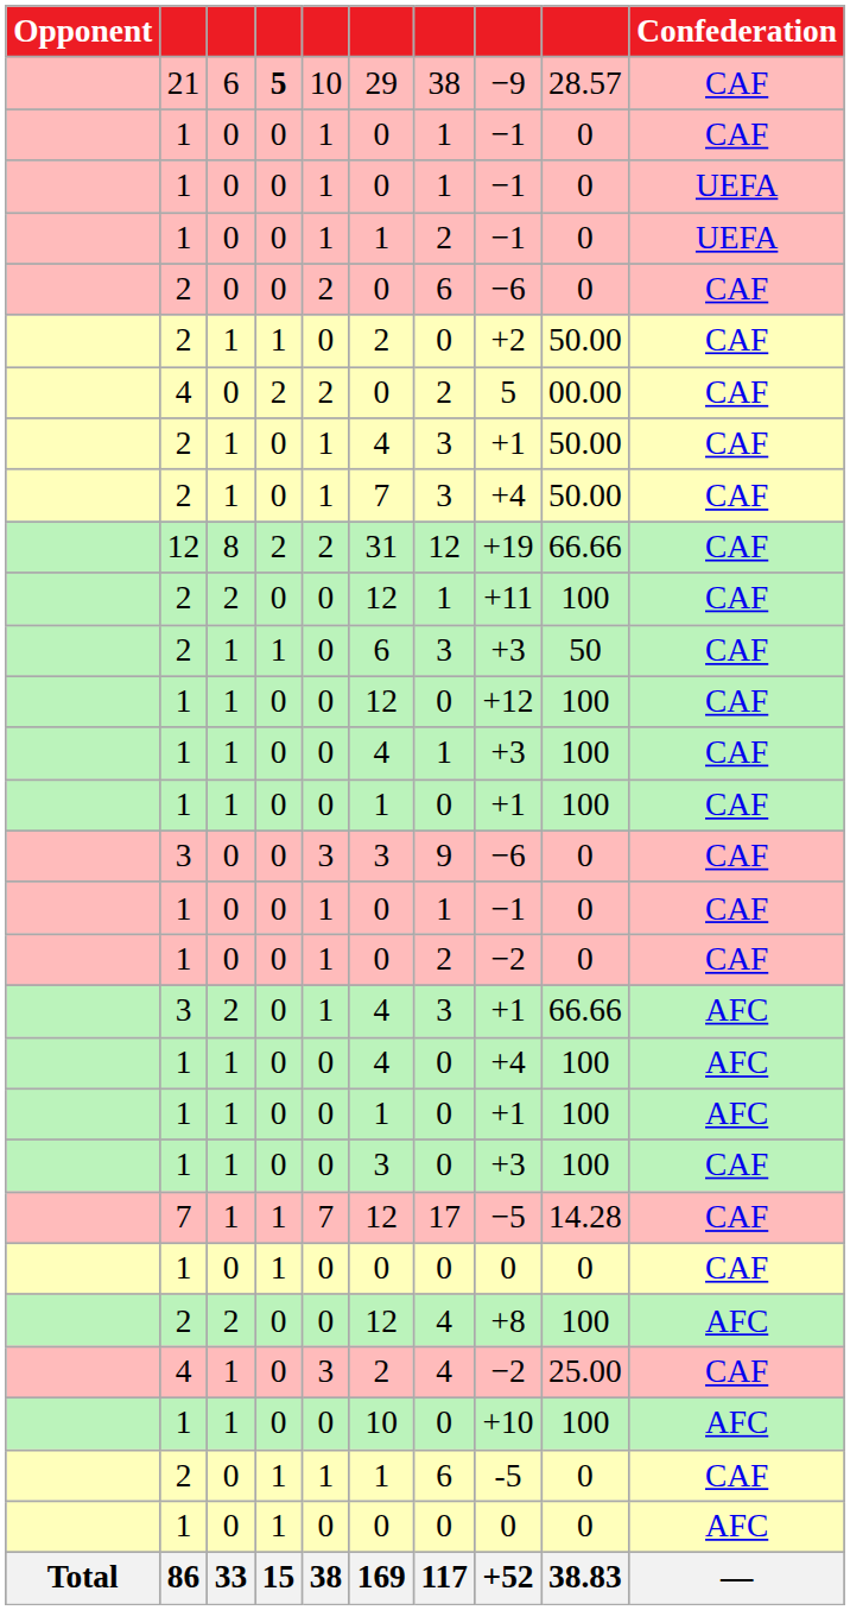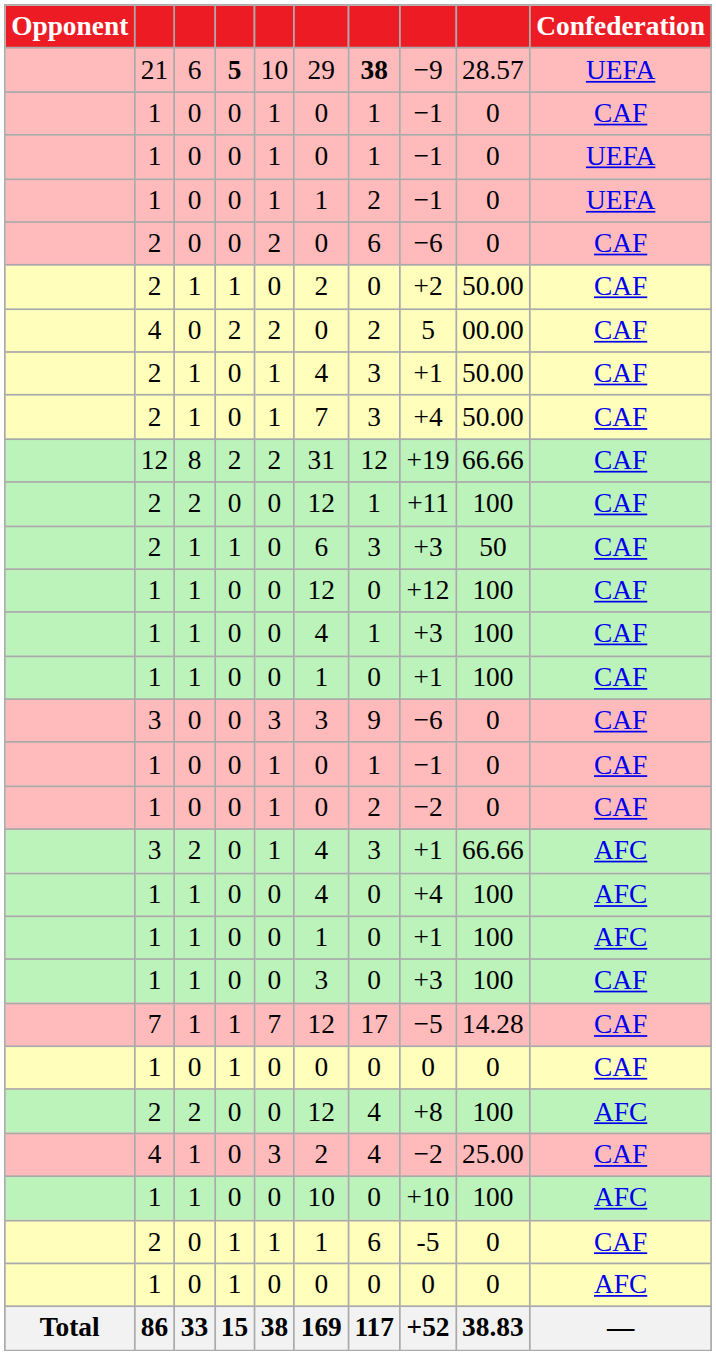 <table class="wikitable sortable" style="text-align:center;">
 <tr style="color:white">
 <th style="background-color:#ED1C24;color:white">Opponent</th>
 <th style="background-color:#ED1C24;"></th>
 <th style="background-color:#ED1C24;"></th>
 <th style="background-color:#ED1C24;"></th>
 <th style="background-color:#ED1C24;"></th>
 <th style="background-color:#ED1C24;"></th>
 <th style="background-color:#ED1C24;"></th>
 <th style="background-color:#ED1C24;"></th>
 <th style="background-color:#ED1C24;"></th>
 <th style="background-color:#ED1C24;color:white">Confederation</th>
 </tr>
 <tr bgcolor="#ffbbbb">
 <td style="text-align:left;"></td>
 <td>21</td>
 <td>6</td>
 <td><strong>5</strong></td>
 <td>10</td>
 <td>29</td>
-<td>38</td>
+<td><strong>38</strong></td>
 <td>−9</td>
 <td>28.57</td>
-<td><a href='#'>CAF</a></td>
+<td><a href='#'>UEFA</a></td>
 </tr>
 <tr bgcolor="#ffbbbb">
 <td style="text-align:left;"></td>
 <td>1</td>
 <td>0</td>
 <td>0</td>
 <td>1</td>
 <td>0</td>
 <td>1</td>
 <td>−1</td>
 <td>0</td>
 <td><a href='#'>CAF</a></td>
 </tr>
 <tr bgcolor="#ffbbbb">
 <td style="text-align:left;"></td>
 <td>1</td>
 <td>0</td>
 <td>0</td>
 <td>1</td>
 <td>0</td>
 <td>1</td>
 <td>−1</td>
 <td>0</td>
 <td><a href='#'>UEFA</a></td>
 </tr>
 <tr bgcolor="#ffbbbb">
 <td style="text-align:left;"></td>
 <td>1</td>
 <td>0</td>
 <td>0</td>
 <td>1</td>
 <td>1</td>
 <td>2</td>
 <td>−1</td>
 <td>0</td>
 <td><a href='#'>UEFA</a></td>
 </tr>
 <tr bgcolor="#ffbbbb">
 <td style="text-align:left;"></td>
 <td>2</td>
 <td>0</td>
 <td>0</td>
 <td>2</td>
 <td>0</td>
 <td>6</td>
 <td>−6</td>
 <td>0</td>
 <td><a href='#'>CAF</a></td>
 </tr>
 <tr bgcolor="#ffffbb">
 <td style="text-align:left;"></td>
 <td>2</td>
 <td>1</td>
 <td>1</td>
 <td>0</td>
 <td>2</td>
 <td>0</td>
 <td>+2</td>
 <td>50.00</td>
 <td><a href='#'>CAF</a></td>
 </tr>
 <tr bgcolor="#ffffbb">
 <td style="text-align:left;"></td>
 <td>4</td>
 <td>0</td>
 <td>2</td>
 <td>2</td>
 <td>0</td>
 <td>2</td>
 <td>5</td>
 <td>00.00</td>
 <td><a href='#'>CAF</a></td>
 </tr>
 <tr bgcolor="#ffffbb">
 <td style="text-align:left;"></td>
 <td>2</td>
 <td>1</td>
 <td>0</td>
 <td>1</td>
 <td>4</td>
 <td>3</td>
 <td>+1</td>
 <td>50.00</td>
 <td><a href='#'>CAF</a></td>
 </tr>
 <tr bgcolor="#ffffbb">
 <td style="text-align:left;"></td>
 <td>2</td>
 <td>1</td>
 <td>0</td>
 <td>1</td>
 <td>7</td>
 <td>3</td>
 <td>+4</td>
 <td>50.00</td>
 <td><a href='#'>CAF</a></td>
 </tr>
 <tr bgcolor="#bbf3bb">
 <td style="text-align:left;"></td>
 <td>12</td>
 <td>8</td>
 <td>2</td>
 <td>2</td>
 <td>31</td>
 <td>12</td>
 <td>+19</td>
 <td>66.66</td>
 <td><a href='#'>CAF</a></td>
 </tr>
 <tr bgcolor="#bbf3bb">
 <td style="text-align:left;"></td>
 <td>2</td>
 <td>2</td>
 <td>0</td>
 <td>0</td>
 <td>12</td>
 <td>1</td>
 <td>+11</td>
 <td>100</td>
 <td><a href='#'>CAF</a></td>
 </tr>
 <tr bgcolor="#bbf3bb">
 <td style="text-align:left;"></td>
 <td>2</td>
 <td>1</td>
 <td>1</td>
 <td>0</td>
 <td>6</td>
 <td>3</td>
 <td>+3</td>
 <td>50</td>
 <td><a href='#'>CAF</a></td>
 </tr>
 <tr bgcolor="#bbf3bb">
 <td style="text-align:left;"></td>
 <td>1</td>
 <td>1</td>
 <td>0</td>
 <td>0</td>
 <td>12</td>
 <td>0</td>
 <td>+12</td>
 <td>100</td>
 <td><a href='#'>CAF</a></td>
 </tr>
 <tr bgcolor="#bbf3bb">
 <td style="text-align:left;"></td>
 <td>1</td>
 <td>1</td>
 <td>0</td>
 <td>0</td>
 <td>4</td>
 <td>1</td>
 <td>+3</td>
 <td>100</td>
 <td><a href='#'>CAF</a></td>
 </tr>
 <tr bgcolor="#bbf3bb">
 <td style="text-align:left;"></td>
 <td>1</td>
 <td>1</td>
 <td>0</td>
 <td>0</td>
 <td>1</td>
 <td>0</td>
 <td>+1</td>
 <td>100</td>
 <td><a href='#'>CAF</a></td>
 </tr>
 <tr bgcolor="#ffbbbb">
 <td style="text-align:left;"></td>
 <td>3</td>
 <td>0</td>
 <td>0</td>
 <td>3</td>
 <td>3</td>
 <td>9</td>
 <td>−6</td>
 <td>0</td>
 <td><a href='#'>CAF</a></td>
 </tr>
 <tr bgcolor="#ffbbbb">
 <td style="text-align:left;"></td>
 <td>1</td>
 <td>0</td>
 <td>0</td>
 <td>1</td>
 <td>0</td>
 <td>1</td>
 <td>−1</td>
 <td>0</td>
 <td><a href='#'>CAF</a></td>
 </tr>
 <tr bgcolor="#ffbbbb">
 <td style="text-align:left;"></td>
 <td>1</td>
 <td>0</td>
 <td>0</td>
 <td>1</td>
 <td>0</td>
 <td>2</td>
 <td>−2</td>
 <td>0</td>
 <td><a href='#'>CAF</a></td>
 </tr>
 <tr bgcolor="#bbf3bb">
 <td style="text-align:left;"></td>
 <td>3</td>
 <td>2</td>
 <td>0</td>
 <td>1</td>
 <td>4</td>
 <td>3</td>
 <td>+1</td>
 <td>66.66</td>
 <td><a href='#'>AFC</a></td>
 </tr>
 <tr bgcolor="#bbf3bb">
 <td style="text-align:left;"></td>
 <td>1</td>
 <td>1</td>
 <td>0</td>
 <td>0</td>
 <td>4</td>
 <td>0</td>
 <td>+4</td>
 <td>100</td>
 <td><a href='#'>AFC</a></td>
 </tr>
 <tr bgcolor="#bbf3bb">
 <td style="text-align:left;"></td>
 <td>1</td>
 <td>1</td>
 <td>0</td>
 <td>0</td>
 <td>1</td>
 <td>0</td>
 <td>+1</td>
 <td>100</td>
 <td><a href='#'>AFC</a></td>
 </tr>
 <tr bgcolor="#bbf3bb">
 <td style="text-align:left;"></td>
 <td>1</td>
 <td>1</td>
 <td>0</td>
 <td>0</td>
 <td>3</td>
 <td>0</td>
 <td>+3</td>
 <td>100</td>
 <td><a href='#'>CAF</a></td>
 </tr>
 <tr bgcolor="#ffbbbb">
 <td style="text-align:left;"></td>
 <td>7</td>
 <td>1</td>
 <td>1</td>
 <td>7</td>
 <td>12</td>
 <td>17</td>
 <td>−5</td>
 <td>14.28</td>
 <td><a href='#'>CAF</a></td>
 </tr>
 <tr bgcolor="#ffffbb">
 <td style="text-align:left;"></td>
 <td>1</td>
 <td>0</td>
 <td>1</td>
 <td>0</td>
 <td>0</td>
 <td>0</td>
 <td>0</td>
 <td>0</td>
 <td><a href='#'>CAF</a></td>
 </tr>
 <tr |- bgcolor="#bbf3bb">
 <td style="text-align:left;"></td>
 <td>2</td>
 <td>2</td>
 <td>0</td>
 <td>0</td>
 <td>12</td>
 <td>4</td>
 <td>+8</td>
 <td>100</td>
 <td><a href='#'>AFC</a></td>
 </tr>
 <tr bgcolor="#ffbbbb">
 <td style="text-align:left;"></td>
 <td>4</td>
 <td>1</td>
 <td>0</td>
 <td>3</td>
 <td>2</td>
 <td>4</td>
 <td>−2</td>
 <td>25.00</td>
 <td><a href='#'>CAF</a></td>
 </tr>
 <tr bgcolor="#bbf3bb">
 <td style="text-align:left;"></td>
 <td>1</td>
 <td>1</td>
 <td>0</td>
 <td>0</td>
 <td>10</td>
 <td>0</td>
 <td>+10</td>
 <td>100</td>
 <td><a href='#'>AFC</a></td>
 </tr>
 <tr bgcolor="#ffffbb">
 <td style="text-align:left;"></td>
 <td>2</td>
 <td>0</td>
 <td>1</td>
 <td>1</td>
 <td>1</td>
 <td>6</td>
 <td>-5</td>
 <td>0</td>
 <td><a href='#'>CAF</a></td>
 </tr>
 <tr bgcolor="#ffffbb">
 <td style="text-align:left;"></td>
 <td>1</td>
 <td>0</td>
 <td>1</td>
 <td>0</td>
 <td>0</td>
 <td>0</td>
 <td>0</td>
 <td>0</td>
 <td><a href='#'>AFC</a></td>
 </tr>
 <tr>
 <th>Total</th>
 <th>86</th>
 <th>33</th>
 <th>15</th>
 <th>38</th>
 <th>169</th>
 <th>117</th>
 <th>+52</th>
 <th>38.83</th>
 <th>—</th>
 </tr>
 </table>
